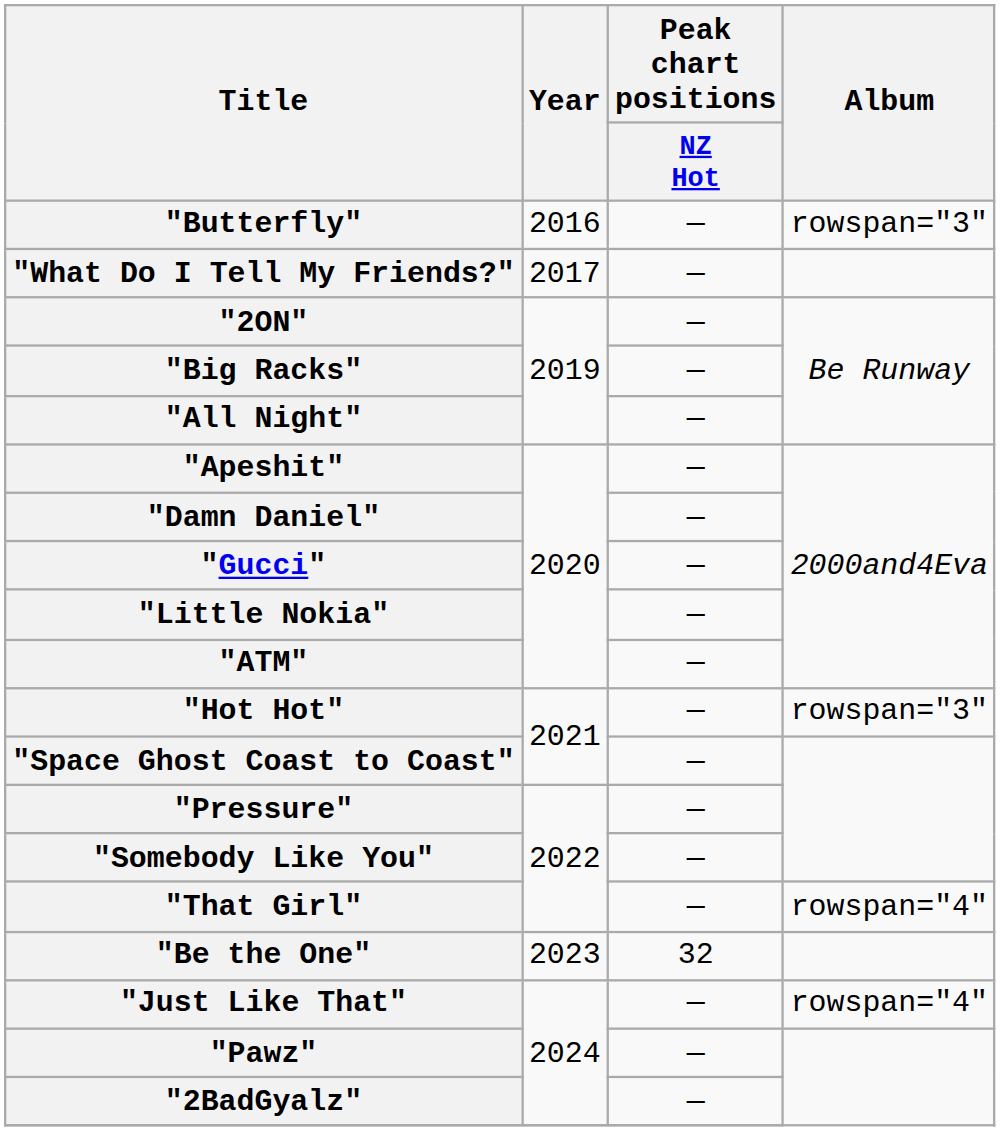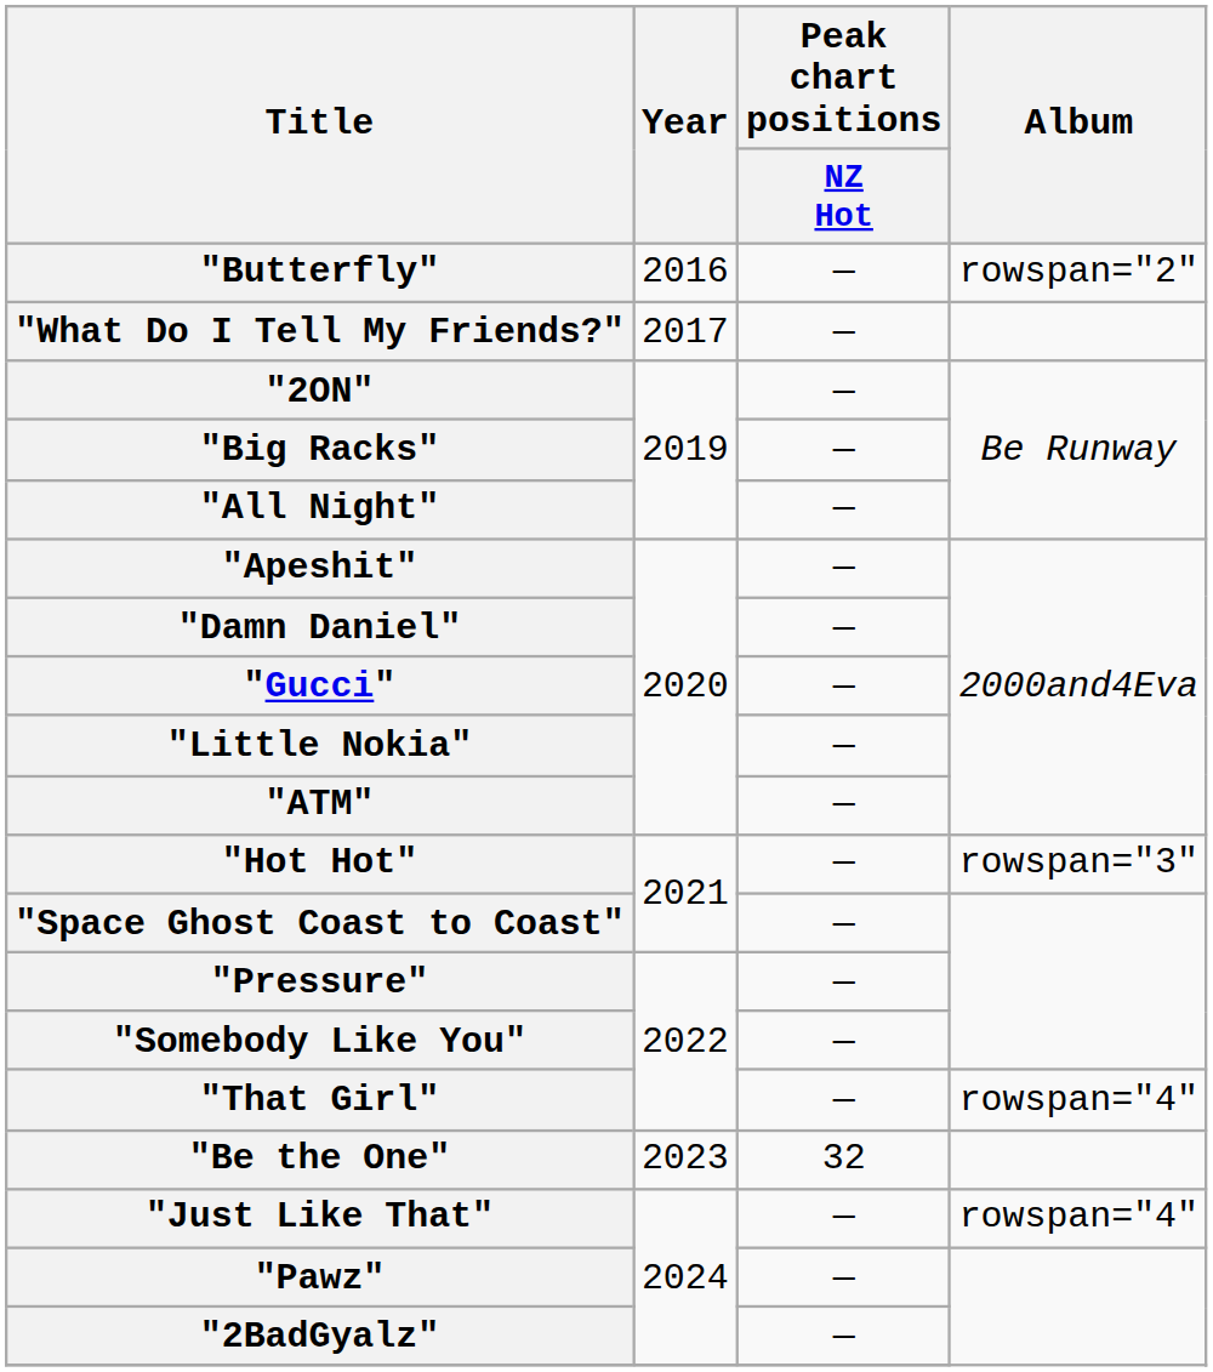 <table class="wikitable plainrowheaders" style="text-align:center;">
 <tr>
 <th scope="col" rowspan="2">Title</th>
 <th scope="col" rowspan="2">Year</th>
 <th scope="col" colspan="1">Peak chart positions</th>
 <th scope="col" rowspan="2">Album</th>
 </tr>
 <tr>
 <th scope="col" style="width:3em;font-size:90%;"><a href='#'>NZ<br>Hot</a><br></th>
 </tr>
 <tr>
 <th scope="row">"Butterfly"</th>
 <td>2016</td>
 <td>—</td>
-<td>rowspan="3" </td>
+<td>rowspan="2" </td>
 </tr>
 <tr>
 <th scope="row">"What Do I Tell My Friends?"</th>
 <td>2017</td>
 <td>—</td>
 </tr>
 <tr>
 <th scope="row">"2ON"</th>
 <td rowspan="3">2019</td>
 <td>—</td>
 <td rowspan="3"><em>Be Runway</em></td>
 </tr>
 <tr>
 <th scope="row">"Big Racks"<br></th>
 <td>—</td>
 </tr>
 <tr>
 <th scope="row">"All Night"</th>
 <td>—</td>
 </tr>
 <tr>
 <th scope="row">"Apeshit"</th>
 <td rowspan="5">2020</td>
 <td>—</td>
 <td rowspan="5"><em>2000and4Eva</em></td>
 </tr>
 <tr>
 <th scope="row">"Damn Daniel"<br></th>
 <td>—</td>
 </tr>
 <tr>
 <th scope="row">"<a href='#'>Gucci</a>"<br></th>
 <td>—</td>
 </tr>
 <tr>
 <th scope="row">"Little Nokia"</th>
 <td>—</td>
 </tr>
 <tr>
 <th scope="row">"ATM"<br></th>
 <td>—</td>
 </tr>
 <tr>
 <th scope="row">"Hot Hot"</th>
 <td rowspan="2 '">2021</td>
 <td>—</td>
 <td>rowspan="3" </td>
 </tr>
 <tr>
 <th scope="row">"Space Ghost Coast to Coast"<br></th>
 <td>—</td>
 </tr>
 <tr>
 <th scope="row">"Pressure"</th>
 <td rowspan="3">2022</td>
 <td>—</td>
 </tr>
 <tr>
 <th scope="row">"Somebody Like You"</th>
 <td>—</td>
 </tr>
 <tr>
 <th scope="row">"That Girl"</th>
 <td>—</td>
 <td>rowspan="4" </td>
 </tr>
 <tr>
 <th scope="row">"Be the One"<br></th>
 <td>2023</td>
 <td>32</td>
 <td></td>
 </tr>
 <tr>
 <th scope="row">"Just Like That"</th>
 <td rowspan="3">2024</td>
 <td>—</td>
 <td>rowspan="4" </td>
 </tr>
 <tr>
 <th scope="row">"Pawz"</th>
 <td>—</td>
 </tr>
 <tr>
 <th scope="row">"2BadGyalz"</th>
 <td>—</td>
 </tr>
 <tr>
 </tr>
 </table>
